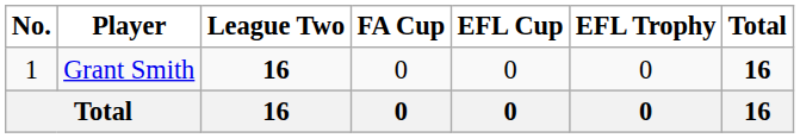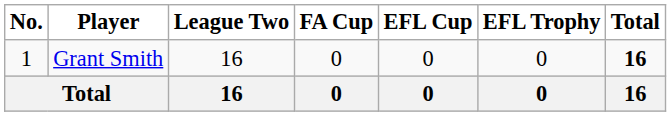 <table class="wikitable sortable" style="text-align:center">
 <tr>
 <th style="background-color:white;color:black;">No.</th>
 <th style="background-color:white;color:black;">Player</th>
 <th style="background-color:white;color:black;">League Two</th>
 <th style="background-color:white;color:black;">FA Cup</th>
 <th style="background-color:white;color:black;">EFL Cup</th>
 <th style="background-color:white;color:black;">EFL Trophy</th>
 <th style="background-color:white;color:black;">Total</th>
 </tr>
 <tr>
 <td>1</td>
 <td style="text-align:left"> <a href='#'>Grant Smith</a></td>
-<td><strong>16</strong></td>
+<td>16</td>
 <td>0</td>
 <td>0</td>
 <td>0</td>
 <td><strong>16</strong></td>
 </tr>
 <tr class="sortbottom">
 <th colspan="2">Total</th>
 <th>16</th>
 <th>0</th>
 <th>0</th>
 <th>0</th>
 <th>16</th>
 </tr>
 </table>
